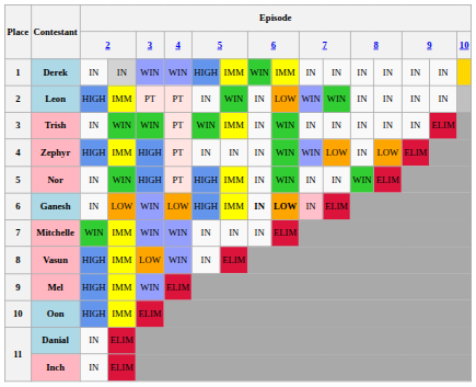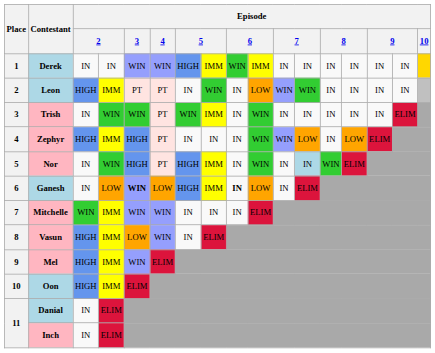 <table class="wikitable" style="text-align: center; font-size: 8pt; line-height:25px;">
 <tr>
 <th rowspan="2">Place</th>
 <th rowspan="2">Contestant</th>
 <th colspan="15">Episode</th>
 </tr>
 <tr>
 <th colspan="2"><a href='#'>2</a></th>
 <th><a href='#'>3</a></th>
 <th><a href='#'>4</a></th>
 <th colspan="2"><a href='#'>5</a></th>
 <th colspan="2"><a href='#'>6</a></th>
 <th colspan="2"><a href='#'>7</a></th>
 <th colspan="2"><a href='#'>8</a></th>
 <th colspan="2"><a href='#'>9</a></th>
 <th><a href='#'>10</a></th>
 </tr>
 <tr>
 <th>1</th>
 <th style="background:lightblue;">Derek</th>
 <td>IN</td>
-<td style="background: lightgrey;">IN</td>
+<td>IN</td>
 <td style="background:#959FFD;">WIN</td>
 <td style="background:#959FFD;">WIN</td>
 <td style="background:cornflowerblue;">HIGH</td>
 <td style="background:yellow;">IMM</td>
 <td style="background:limegreen;">WIN</td>
 <td style="background:yellow;">IMM</td>
 <td>IN</td>
 <td>IN</td>
 <td>IN</td>
 <td>IN</td>
 <td>IN</td>
 <td>IN</td>
 <td style="background:gold;"></td>
 </tr>
 <tr>
 <th>2</th>
 <th style="background:lightblue;">Leon</th>
 <td style="background:cornflowerblue;">HIGH</td>
 <td style="background:yellow;">IMM</td>
 <td style="background:mistyrose;">PT</td>
 <td style="background:mistyrose;">PT</td>
 <td>IN</td>
 <td style="background:limegreen;">WIN</td>
 <td>IN</td>
 <td style="background:orange;">LOW</td>
 <td style="background:#959FFD;">WIN</td>
 <td style="background:limegreen;">WIN</td>
 <td>IN</td>
 <td>IN</td>
 <td>IN</td>
 <td>IN</td>
 <td style="background:silver;"></td>
 </tr>
 <tr>
 <th>3</th>
 <th style="background:lightpink;">Trish</th>
 <td>IN</td>
 <td style="background:limegreen;">WIN</td>
 <td style="background:limegreen;">WIN</td>
 <td style="background:mistyrose;">PT</td>
 <td style="background:limegreen;">WIN</td>
 <td style="background:yellow;">IMM</td>
 <td>IN</td>
 <td style="background:limegreen;">WIN</td>
 <td>IN</td>
 <td>IN</td>
 <td>IN</td>
 <td>IN</td>
 <td>IN</td>
 <td style="background:crimson;">ELIM</td>
 <td style="background:darkgrey;"></td>
 </tr>
 <tr>
 <th>4</th>
 <th style="background:lightpink;">Zephyr</th>
 <td style="background:cornflowerblue;">HIGH</td>
 <td style="background:yellow;">IMM</td>
 <td style="background:cornflowerblue;">HIGH</td>
 <td style="background:mistyrose;">PT</td>
 <td>IN</td>
 <td>IN</td>
 <td>IN</td>
 <td style="background:limegreen;">WIN</td>
 <td style="background:#959FFD;">WIN</td>
 <td style="background:orange;">LOW</td>
 <td>IN</td>
 <td style="background:orange;">LOW</td>
 <td style="background:crimson;">ELIM</td>
 <td style="background:darkgrey;" colspan="2"></td>
 </tr>
 <tr>
 <th>5</th>
 <th style="background:lightpink;">Nor</th>
 <td>IN</td>
 <td style="background:limegreen;">WIN</td>
 <td style="background:cornflowerblue;">HIGH</td>
 <td style="background:mistyrose;">PT</td>
 <td style="background:cornflowerblue;">HIGH</td>
 <td style="background:yellow;">IMM</td>
 <td>IN</td>
 <td style="background:limegreen;">WIN</td>
 <td>IN</td>
-<td>IN</td>
+<td style="background: lightblue;">IN</td>
 <td style="background:limegreen;">WIN</td>
 <td style="background:crimson;">ELIM</td>
 <td colspan="3" style="background:darkgrey;"></td>
 </tr>
 <tr>
 <th>6</th>
 <th style="background:lightblue;">Ganesh</th>
 <td>IN</td>
 <td style="background:orange;">LOW</td>
-<td style="background:#959FFD;">WIN</td>
+<td style="background:#959FFD;"><strong>WIN</strong></td>
 <td style="background:orange;">LOW</td>
 <td style="background:cornflowerblue;">HIGH</td>
 <td style="background:yellow;">IMM</td>
 <td><strong>IN</strong></td>
-<td style="background:orange;"><strong>LOW</strong></td>
-<td style="background: pink;">IN</td>
+<td style="background:orange;">LOW</td>
+<td>IN</td>
 <td style="background:crimson;">ELIM</td>
 <td colspan="5" style="background:darkgrey;"></td>
 </tr>
 <tr>
 <th>7</th>
 <th style="background:lightpink;">Mitchelle</th>
 <td style="background:limegreen;">WIN</td>
 <td style="background:yellow;">IMM</td>
 <td style="background:#959FFD;">WIN</td>
 <td style="background:#959FFD;">WIN</td>
 <td>IN</td>
 <td>IN</td>
 <td>IN</td>
 <td style="background:crimson;">ELIM</td>
 <td colspan="7" style="background:darkgrey;"></td>
 </tr>
 <tr>
 <th>8</th>
 <th style="background:lightpink;">Vasun</th>
 <td style="background:cornflowerblue;">HIGH</td>
 <td style="background:yellow;">IMM</td>
 <td style="background:orange;">LOW</td>
 <td style="background:#959FFD;">WIN</td>
 <td>IN</td>
 <td style="background:crimson;">ELIM</td>
 <td colspan="9" style="background:darkgrey;"></td>
 </tr>
 <tr>
 <th>9</th>
 <th style="background:lightpink;">Mel</th>
 <td style="background:cornflowerblue;">HIGH</td>
 <td style="background:yellow;">IMM</td>
 <td style="background:#959FFD;">WIN</td>
 <td style="background:crimson;">ELIM</td>
 <td colspan="11" style="background:darkgrey;"></td>
 </tr>
 <tr>
 <th>10</th>
 <th style="background:lightblue;">Oon</th>
 <td style="background:cornflowerblue;">HIGH</td>
 <td style="background:yellow;">IMM</td>
 <td style="background:crimson;">ELIM</td>
 <td colspan="12" style="background:darkgrey;"></td>
 </tr>
 <tr>
 <th rowspan=2>11</th>
 <th style="background:lightblue;">Danial</th>
 <td>IN</td>
 <td style="background:crimson;">ELIM</td>
 <td colspan="13" style="background:darkgrey;"></td>
 </tr>
 <tr>
 <th style="background:lightpink;">Inch</th>
 <td>IN</td>
 <td style="background:crimson;">ELIM</td>
 <td colspan="13" style="background:darkgrey;"></td>
 </tr>
 </table>
